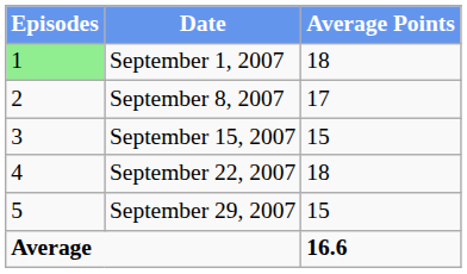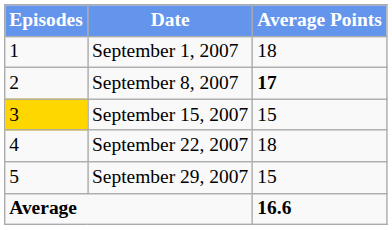 <table class="wikitable" style="font-size: 14px;">
 <tr style="background:cornflowerblue; color:white" align=center>
 <td><strong>Episodes</strong></td>
 <td><strong>Date</strong></td>
 <td><strong>Average Points</strong></td>
 </tr>
 <tr>
-<td style="background: lightgreen;">1</td>
+<td>1</td>
 <td>September 1, 2007</td>
 <td>18</td>
 </tr>
 <tr>
 <td>2</td>
 <td>September 8, 2007</td>
-<td>17</td>
+<td><strong>17</strong></td>
 </tr>
 <tr>
-<td>3</td>
+<td style="background: gold;">3</td>
 <td>September 15, 2007</td>
 <td>15</td>
 </tr>
 <tr>
 <td>4</td>
 <td>September 22, 2007</td>
 <td>18</td>
 </tr>
 <tr>
 <td>5</td>
 <td>September 29, 2007</td>
 <td>15</td>
 </tr>
 <tr>
 <td colspan="2"><strong>Average</strong></td>
 <td><strong>16.6 </strong></td>
 </tr>
 </table>
